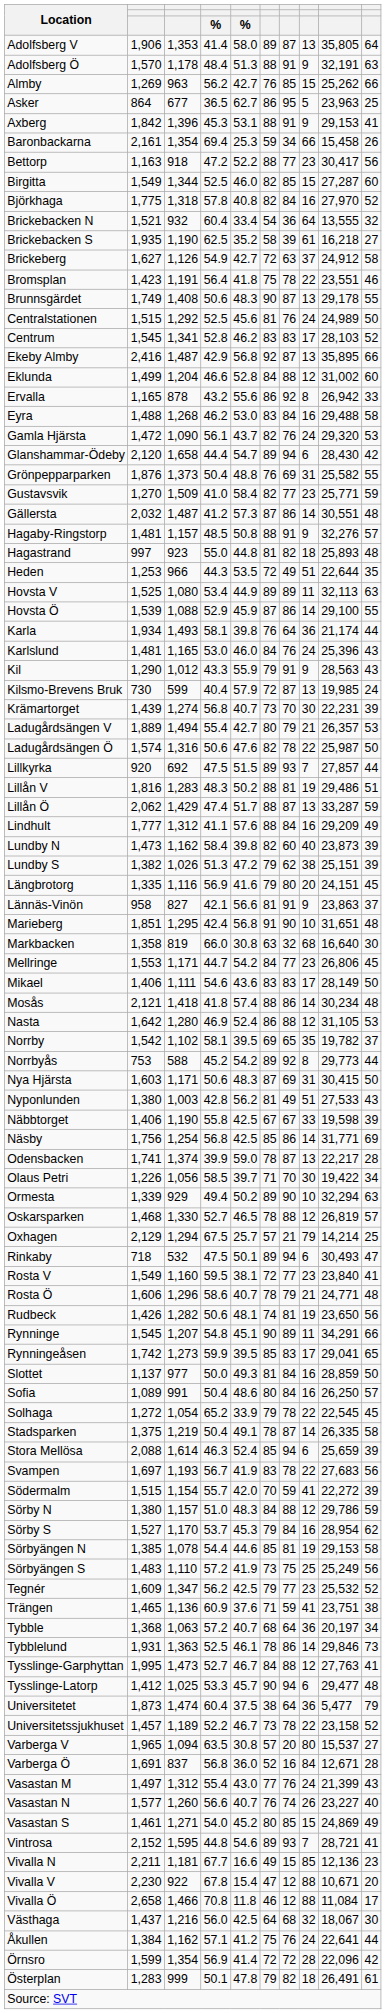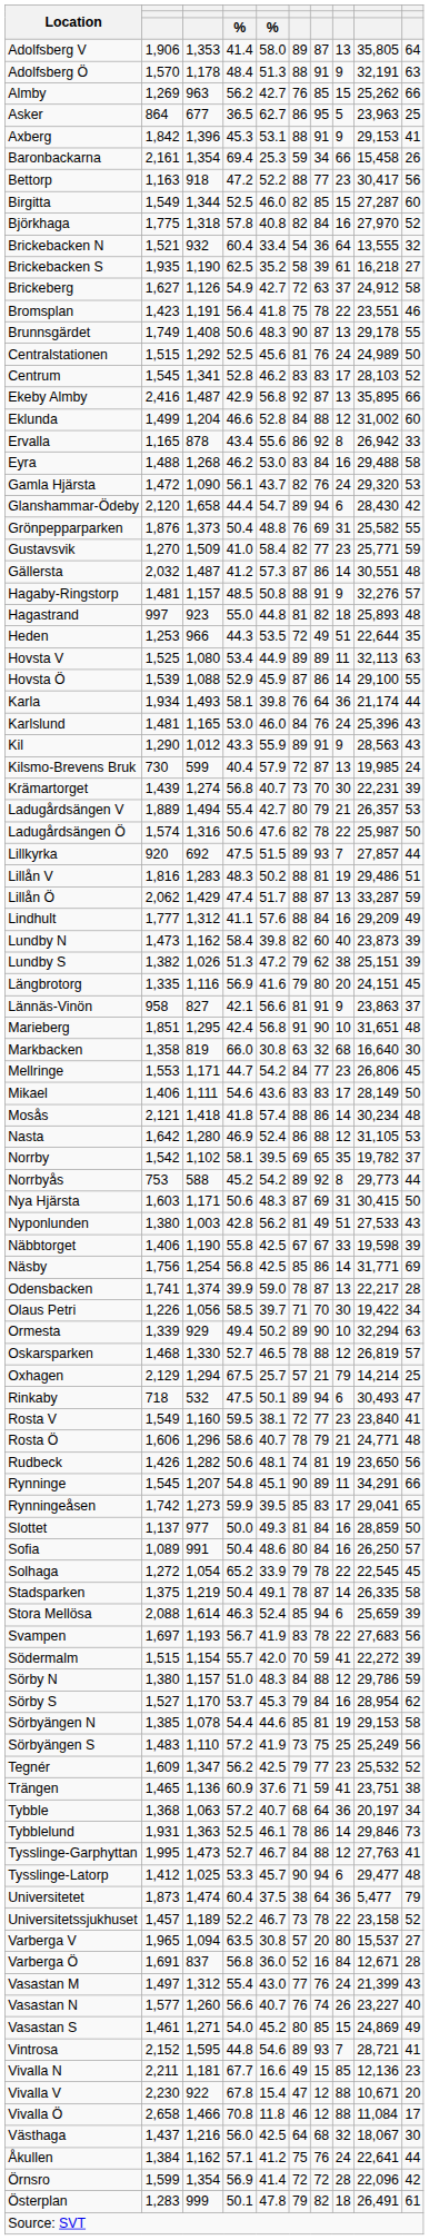 <table role="presentation" class="wikitable sortable mw-collapsible mw-collapsed">
 <tr>
 <th rowspan="3">Location</th>
 <th></th>
 <th></th>
 <th></th>
 <th></th>
 <th></th>
 <th></th>
 <th></th>
 <th></th>
 <th></th>
 </tr>
 <tr>
 <th></th>
 <th></th>
 <th style="background:"></th>
 <th style="background:"></th>
 <th></th>
 <th></th>
 <th></th>
 <th></th>
 <th></th>
 </tr>
 <tr>
 <th data-sort-type="number"></th>
 <th data-sort-type="number"></th>
 <th data-sort-type="number">%</th>
 <th data-sort-type="number">%</th>
 <th data-sort-type="number"></th>
 <th data-sort-type="number"></th>
 <th data-sort-type="number"></th>
 <th data-sort-type="number"></th>
 <th data-sort-type="number"></th>
 </tr>
 <tr>
 <td align="left">Adolfsberg V</td>
 <td>1,906</td>
 <td>1,353</td>
 <td>41.4</td>
 <td>58.0</td>
 <td>89</td>
 <td>87</td>
 <td>13</td>
 <td>35,805</td>
 <td>64</td>
 </tr>
 <tr>
 <td align="left">Adolfsberg Ö</td>
 <td>1,570</td>
 <td>1,178</td>
 <td>48.4</td>
 <td>51.3</td>
 <td>88</td>
 <td>91</td>
 <td>9</td>
 <td>32,191</td>
 <td>63</td>
 </tr>
 <tr>
 <td align="left">Almby</td>
 <td>1,269</td>
 <td>963</td>
 <td>56.2</td>
 <td>42.7</td>
 <td>76</td>
 <td>85</td>
 <td>15</td>
 <td>25,262</td>
 <td>66</td>
 </tr>
 <tr>
 <td align="left">Asker</td>
 <td>864</td>
 <td>677</td>
 <td>36.5</td>
 <td>62.7</td>
 <td>86</td>
 <td>95</td>
 <td>5</td>
 <td>23,963</td>
 <td>25</td>
 </tr>
 <tr>
 <td align="left">Axberg</td>
 <td>1,842</td>
 <td>1,396</td>
 <td>45.3</td>
 <td>53.1</td>
 <td>88</td>
 <td>91</td>
 <td>9</td>
 <td>29,153</td>
 <td>41</td>
 </tr>
 <tr>
 <td align="left">Baronbackarna</td>
 <td>2,161</td>
 <td>1,354</td>
 <td>69.4</td>
 <td>25.3</td>
 <td>59</td>
 <td>34</td>
 <td>66</td>
 <td>15,458</td>
 <td>26</td>
 </tr>
 <tr>
 <td align="left">Bettorp</td>
 <td>1,163</td>
 <td>918</td>
 <td>47.2</td>
 <td>52.2</td>
 <td>88</td>
 <td>77</td>
 <td>23</td>
 <td>30,417</td>
 <td>56</td>
 </tr>
 <tr>
 <td align="left">Birgitta</td>
 <td>1,549</td>
 <td>1,344</td>
 <td>52.5</td>
 <td>46.0</td>
 <td>82</td>
 <td>85</td>
 <td>15</td>
 <td>27,287</td>
 <td>60</td>
 </tr>
 <tr>
 <td align="left">Björkhaga</td>
 <td>1,775</td>
 <td>1,318</td>
 <td>57.8</td>
 <td>40.8</td>
 <td>82</td>
 <td>84</td>
 <td>16</td>
 <td>27,970</td>
 <td>52</td>
 </tr>
 <tr>
 <td align="left">Brickebacken N</td>
 <td>1,521</td>
 <td>932</td>
 <td>60.4</td>
 <td>33.4</td>
 <td>54</td>
 <td>36</td>
 <td>64</td>
 <td>13,555</td>
 <td>32</td>
 </tr>
 <tr>
 <td align="left">Brickebacken S</td>
 <td>1,935</td>
 <td>1,190</td>
 <td>62.5</td>
 <td>35.2</td>
 <td>58</td>
 <td>39</td>
 <td>61</td>
 <td>16,218</td>
 <td>27</td>
 </tr>
 <tr>
 <td align="left">Brickeberg</td>
 <td>1,627</td>
 <td>1,126</td>
 <td>54.9</td>
 <td>42.7</td>
 <td>72</td>
 <td>63</td>
 <td>37</td>
 <td>24,912</td>
 <td>58</td>
 </tr>
 <tr>
 <td align="left">Bromsplan</td>
 <td>1,423</td>
 <td>1,191</td>
 <td>56.4</td>
 <td>41.8</td>
 <td>75</td>
 <td>78</td>
 <td>22</td>
 <td>23,551</td>
 <td>46</td>
 </tr>
 <tr>
 <td align="left">Brunnsgärdet</td>
 <td>1,749</td>
 <td>1,408</td>
 <td>50.6</td>
 <td>48.3</td>
 <td>90</td>
 <td>87</td>
 <td>13</td>
 <td>29,178</td>
 <td>55</td>
 </tr>
 <tr>
 <td align="left">Centralstationen</td>
 <td>1,515</td>
 <td>1,292</td>
 <td>52.5</td>
 <td>45.6</td>
 <td>81</td>
 <td>76</td>
 <td>24</td>
 <td>24,989</td>
 <td>50</td>
 </tr>
 <tr>
 <td align="left">Centrum</td>
 <td>1,545</td>
 <td>1,341</td>
 <td>52.8</td>
 <td>46.2</td>
 <td>83</td>
 <td>83</td>
 <td>17</td>
 <td>28,103</td>
 <td>52</td>
 </tr>
 <tr>
 <td align="left">Ekeby Almby</td>
 <td>2,416</td>
 <td>1,487</td>
 <td>42.9</td>
 <td>56.8</td>
 <td>92</td>
 <td>87</td>
 <td>13</td>
 <td>35,895</td>
 <td>66</td>
 </tr>
 <tr>
 <td align="left">Eklunda</td>
 <td>1,499</td>
 <td>1,204</td>
 <td>46.6</td>
 <td>52.8</td>
 <td>84</td>
 <td>88</td>
 <td>12</td>
 <td>31,002</td>
 <td>60</td>
 </tr>
 <tr>
 <td align="left">Ervalla</td>
 <td>1,165</td>
 <td>878</td>
-<td>43.2</td>
+<td>43.4</td>
 <td>55.6</td>
 <td>86</td>
 <td>92</td>
 <td>8</td>
 <td>26,942</td>
 <td>33</td>
 </tr>
 <tr>
 <td align="left">Eyra</td>
 <td>1,488</td>
 <td>1,268</td>
 <td>46.2</td>
 <td>53.0</td>
 <td>83</td>
 <td>84</td>
 <td>16</td>
 <td>29,488</td>
 <td>58</td>
 </tr>
 <tr>
 <td align="left">Gamla Hjärsta</td>
 <td>1,472</td>
 <td>1,090</td>
 <td>56.1</td>
 <td>43.7</td>
 <td>82</td>
 <td>76</td>
 <td>24</td>
 <td>29,320</td>
 <td>53</td>
 </tr>
 <tr>
 <td align="left">Glanshammar-Ödeby</td>
 <td>2,120</td>
 <td>1,658</td>
 <td>44.4</td>
 <td>54.7</td>
 <td>89</td>
 <td>94</td>
 <td>6</td>
 <td>28,430</td>
 <td>42</td>
 </tr>
 <tr>
 <td align="left">Grönpepparparken</td>
 <td>1,876</td>
 <td>1,373</td>
 <td>50.4</td>
 <td>48.8</td>
 <td>76</td>
 <td>69</td>
 <td>31</td>
 <td>25,582</td>
 <td>55</td>
 </tr>
 <tr>
 <td align="left">Gustavsvik</td>
 <td>1,270</td>
 <td>1,509</td>
 <td>41.0</td>
 <td>58.4</td>
 <td>82</td>
 <td>77</td>
 <td>23</td>
 <td>25,771</td>
 <td>59</td>
 </tr>
 <tr>
 <td align="left">Gällersta</td>
 <td>2,032</td>
 <td>1,487</td>
 <td>41.2</td>
 <td>57.3</td>
 <td>87</td>
 <td>86</td>
 <td>14</td>
 <td>30,551</td>
 <td>48</td>
 </tr>
 <tr>
 <td align="left">Hagaby-Ringstorp</td>
 <td>1,481</td>
 <td>1,157</td>
 <td>48.5</td>
 <td>50.8</td>
 <td>88</td>
 <td>91</td>
 <td>9</td>
 <td>32,276</td>
 <td>57</td>
 </tr>
 <tr>
 <td align="left">Hagastrand</td>
 <td>997</td>
 <td>923</td>
 <td>55.0</td>
 <td>44.8</td>
 <td>81</td>
 <td>82</td>
 <td>18</td>
 <td>25,893</td>
 <td>48</td>
 </tr>
 <tr>
 <td align="left">Heden</td>
 <td>1,253</td>
 <td>966</td>
 <td>44.3</td>
 <td>53.5</td>
 <td>72</td>
 <td>49</td>
 <td>51</td>
 <td>22,644</td>
 <td>35</td>
 </tr>
 <tr>
 <td align="left">Hovsta V</td>
 <td>1,525</td>
 <td>1,080</td>
 <td>53.4</td>
 <td>44.9</td>
 <td>89</td>
 <td>89</td>
 <td>11</td>
 <td>32,113</td>
 <td>63</td>
 </tr>
 <tr>
 <td align="left">Hovsta Ö</td>
 <td>1,539</td>
 <td>1,088</td>
 <td>52.9</td>
 <td>45.9</td>
 <td>87</td>
 <td>86</td>
 <td>14</td>
 <td>29,100</td>
 <td>55</td>
 </tr>
 <tr>
 <td align="left">Karla</td>
 <td>1,934</td>
 <td>1,493</td>
 <td>58.1</td>
 <td>39.8</td>
 <td>76</td>
 <td>64</td>
 <td>36</td>
 <td>21,174</td>
 <td>44</td>
 </tr>
 <tr>
 <td align="left">Karlslund</td>
 <td>1,481</td>
 <td>1,165</td>
 <td>53.0</td>
 <td>46.0</td>
 <td>84</td>
 <td>76</td>
 <td>24</td>
 <td>25,396</td>
 <td>43</td>
 </tr>
 <tr>
 <td align="left">Kil</td>
 <td>1,290</td>
 <td>1,012</td>
 <td>43.3</td>
 <td>55.9</td>
-<td>79</td>
+<td>89</td>
 <td>91</td>
 <td>9</td>
 <td>28,563</td>
 <td>43</td>
 </tr>
 <tr>
 <td align="left">Kilsmo-Brevens Bruk</td>
 <td>730</td>
 <td>599</td>
 <td>40.4</td>
 <td>57.9</td>
 <td>72</td>
 <td>87</td>
 <td>13</td>
 <td>19,985</td>
 <td>24</td>
 </tr>
 <tr>
 <td align="left">Krämartorget</td>
 <td>1,439</td>
 <td>1,274</td>
 <td>56.8</td>
 <td>40.7</td>
 <td>73</td>
 <td>70</td>
 <td>30</td>
 <td>22,231</td>
 <td>39</td>
 </tr>
 <tr>
 <td align="left">Ladugårdsängen V</td>
 <td>1,889</td>
 <td>1,494</td>
 <td>55.4</td>
 <td>42.7</td>
 <td>80</td>
 <td>79</td>
 <td>21</td>
 <td>26,357</td>
 <td>53</td>
 </tr>
 <tr>
 <td align="left">Ladugårdsängen Ö</td>
 <td>1,574</td>
 <td>1,316</td>
 <td>50.6</td>
 <td>47.6</td>
 <td>82</td>
 <td>78</td>
 <td>22</td>
 <td>25,987</td>
 <td>50</td>
 </tr>
 <tr>
 <td align="left">Lillkyrka</td>
 <td>920</td>
 <td>692</td>
 <td>47.5</td>
 <td>51.5</td>
 <td>89</td>
 <td>93</td>
 <td>7</td>
 <td>27,857</td>
 <td>44</td>
 </tr>
 <tr>
 <td align="left">Lillån V</td>
 <td>1,816</td>
 <td>1,283</td>
 <td>48.3</td>
 <td>50.2</td>
 <td>88</td>
 <td>81</td>
 <td>19</td>
 <td>29,486</td>
 <td>51</td>
 </tr>
 <tr>
 <td align="left">Lillån Ö</td>
 <td>2,062</td>
 <td>1,429</td>
 <td>47.4</td>
 <td>51.7</td>
 <td>88</td>
 <td>87</td>
 <td>13</td>
 <td>33,287</td>
 <td>59</td>
 </tr>
 <tr>
 <td align="left">Lindhult</td>
 <td>1,777</td>
 <td>1,312</td>
 <td>41.1</td>
 <td>57.6</td>
 <td>88</td>
 <td>84</td>
 <td>16</td>
 <td>29,209</td>
 <td>49</td>
 </tr>
 <tr>
 <td align="left">Lundby N</td>
 <td>1,473</td>
 <td>1,162</td>
 <td>58.4</td>
 <td>39.8</td>
 <td>82</td>
 <td>60</td>
 <td>40</td>
 <td>23,873</td>
 <td>39</td>
 </tr>
 <tr>
 <td align="left">Lundby S</td>
 <td>1,382</td>
 <td>1,026</td>
 <td>51.3</td>
 <td>47.2</td>
 <td>79</td>
 <td>62</td>
 <td>38</td>
 <td>25,151</td>
 <td>39</td>
 </tr>
 <tr>
 <td align="left">Längbrotorg</td>
 <td>1,335</td>
 <td>1,116</td>
 <td>56.9</td>
 <td>41.6</td>
 <td>79</td>
 <td>80</td>
 <td>20</td>
 <td>24,151</td>
 <td>45</td>
 </tr>
 <tr>
 <td align="left">Lännäs-Vinön</td>
 <td>958</td>
 <td>827</td>
 <td>42.1</td>
 <td>56.6</td>
 <td>81</td>
 <td>91</td>
 <td>9</td>
 <td>23,863</td>
 <td>37</td>
 </tr>
 <tr>
 <td align="left">Marieberg</td>
 <td>1,851</td>
 <td>1,295</td>
 <td>42.4</td>
 <td>56.8</td>
 <td>91</td>
 <td>90</td>
 <td>10</td>
 <td>31,651</td>
 <td>48</td>
 </tr>
 <tr>
 <td align="left">Markbacken</td>
 <td>1,358</td>
 <td>819</td>
 <td>66.0</td>
 <td>30.8</td>
 <td>63</td>
 <td>32</td>
 <td>68</td>
 <td>16,640</td>
 <td>30</td>
 </tr>
 <tr>
 <td align="left">Mellringe</td>
 <td>1,553</td>
 <td>1,171</td>
 <td>44.7</td>
 <td>54.2</td>
 <td>84</td>
 <td>77</td>
 <td>23</td>
 <td>26,806</td>
 <td>45</td>
 </tr>
 <tr>
 <td align="left">Mikael</td>
 <td>1,406</td>
 <td>1,111</td>
 <td>54.6</td>
 <td>43.6</td>
 <td>83</td>
 <td>83</td>
 <td>17</td>
 <td>28,149</td>
 <td>50</td>
 </tr>
 <tr>
 <td align="left">Mosås</td>
 <td>2,121</td>
 <td>1,418</td>
 <td>41.8</td>
 <td>57.4</td>
 <td>88</td>
 <td>86</td>
 <td>14</td>
 <td>30,234</td>
 <td>48</td>
 </tr>
 <tr>
 <td align="left">Nasta</td>
 <td>1,642</td>
 <td>1,280</td>
 <td>46.9</td>
 <td>52.4</td>
 <td>86</td>
 <td>88</td>
 <td>12</td>
 <td>31,105</td>
 <td>53</td>
 </tr>
 <tr>
 <td align="left">Norrby</td>
 <td>1,542</td>
 <td>1,102</td>
 <td>58.1</td>
 <td>39.5</td>
 <td>69</td>
 <td>65</td>
 <td>35</td>
 <td>19,782</td>
 <td>37</td>
 </tr>
 <tr>
 <td align="left">Norrbyås</td>
 <td>753</td>
 <td>588</td>
 <td>45.2</td>
 <td>54.2</td>
 <td>89</td>
 <td>92</td>
 <td>8</td>
 <td>29,773</td>
 <td>44</td>
 </tr>
 <tr>
 <td align="left">Nya Hjärsta</td>
 <td>1,603</td>
 <td>1,171</td>
 <td>50.6</td>
 <td>48.3</td>
 <td>87</td>
 <td>69</td>
 <td>31</td>
 <td>30,415</td>
 <td>50</td>
 </tr>
 <tr>
 <td align="left">Nyponlunden</td>
 <td>1,380</td>
 <td>1,003</td>
 <td>42.8</td>
 <td>56.2</td>
 <td>81</td>
 <td>49</td>
 <td>51</td>
 <td>27,533</td>
 <td>43</td>
 </tr>
 <tr>
 <td align="left">Näbbtorget</td>
 <td>1,406</td>
 <td>1,190</td>
 <td>55.8</td>
 <td>42.5</td>
 <td>67</td>
 <td>67</td>
 <td>33</td>
 <td>19,598</td>
 <td>39</td>
 </tr>
 <tr>
 <td align="left">Näsby</td>
 <td>1,756</td>
 <td>1,254</td>
 <td>56.8</td>
 <td>42.5</td>
 <td>85</td>
 <td>86</td>
 <td>14</td>
 <td>31,771</td>
 <td>69</td>
 </tr>
 <tr>
 <td align="left">Odensbacken</td>
 <td>1,741</td>
 <td>1,374</td>
 <td>39.9</td>
 <td>59.0</td>
 <td>78</td>
 <td>87</td>
 <td>13</td>
 <td>22,217</td>
 <td>28</td>
 </tr>
 <tr>
 <td align="left">Olaus Petri</td>
 <td>1,226</td>
 <td>1,056</td>
 <td>58.5</td>
 <td>39.7</td>
 <td>71</td>
 <td>70</td>
 <td>30</td>
 <td>19,422</td>
 <td>34</td>
 </tr>
 <tr>
 <td align="left">Ormesta</td>
 <td>1,339</td>
 <td>929</td>
 <td>49.4</td>
 <td>50.2</td>
 <td>89</td>
 <td>90</td>
 <td>10</td>
 <td>32,294</td>
 <td>63</td>
 </tr>
 <tr>
 <td align="left">Oskarsparken</td>
 <td>1,468</td>
 <td>1,330</td>
 <td>52.7</td>
 <td>46.5</td>
 <td>78</td>
 <td>88</td>
 <td>12</td>
 <td>26,819</td>
 <td>57</td>
 </tr>
 <tr>
 <td align="left">Oxhagen</td>
 <td>2,129</td>
 <td>1,294</td>
 <td>67.5</td>
 <td>25.7</td>
 <td>57</td>
 <td>21</td>
 <td>79</td>
 <td>14,214</td>
 <td>25</td>
 </tr>
 <tr>
 <td align="left">Rinkaby</td>
 <td>718</td>
 <td>532</td>
 <td>47.5</td>
 <td>50.1</td>
 <td>89</td>
 <td>94</td>
 <td>6</td>
 <td>30,493</td>
 <td>47</td>
 </tr>
 <tr>
 <td align="left">Rosta V</td>
 <td>1,549</td>
 <td>1,160</td>
 <td>59.5</td>
 <td>38.1</td>
 <td>72</td>
 <td>77</td>
 <td>23</td>
 <td>23,840</td>
 <td>41</td>
 </tr>
 <tr>
 <td align="left">Rosta Ö</td>
 <td>1,606</td>
 <td>1,296</td>
 <td>58.6</td>
 <td>40.7</td>
 <td>78</td>
 <td>79</td>
 <td>21</td>
 <td>24,771</td>
 <td>48</td>
 </tr>
 <tr>
 <td align="left">Rudbeck</td>
 <td>1,426</td>
 <td>1,282</td>
 <td>50.6</td>
 <td>48.1</td>
 <td>74</td>
 <td>81</td>
 <td>19</td>
 <td>23,650</td>
 <td>56</td>
 </tr>
 <tr>
 <td align="left">Rynninge</td>
 <td>1,545</td>
 <td>1,207</td>
 <td>54.8</td>
 <td>45.1</td>
 <td>90</td>
 <td>89</td>
 <td>11</td>
 <td>34,291</td>
 <td>66</td>
 </tr>
 <tr>
 <td align="left">Rynningeåsen</td>
 <td>1,742</td>
 <td>1,273</td>
 <td>59.9</td>
 <td>39.5</td>
 <td>85</td>
 <td>83</td>
 <td>17</td>
 <td>29,041</td>
 <td>65</td>
 </tr>
 <tr>
 <td align="left">Slottet</td>
 <td>1,137</td>
 <td>977</td>
 <td>50.0</td>
 <td>49.3</td>
 <td>81</td>
 <td>84</td>
 <td>16</td>
 <td>28,859</td>
 <td>50</td>
 </tr>
 <tr>
 <td align="left">Sofia</td>
 <td>1,089</td>
 <td>991</td>
 <td>50.4</td>
 <td>48.6</td>
 <td>80</td>
 <td>84</td>
 <td>16</td>
 <td>26,250</td>
 <td>57</td>
 </tr>
 <tr>
 <td align="left">Solhaga</td>
 <td>1,272</td>
 <td>1,054</td>
 <td>65.2</td>
 <td>33.9</td>
 <td>79</td>
 <td>78</td>
 <td>22</td>
 <td>22,545</td>
 <td>45</td>
 </tr>
 <tr>
 <td align="left">Stadsparken</td>
 <td>1,375</td>
 <td>1,219</td>
 <td>50.4</td>
 <td>49.1</td>
 <td>78</td>
 <td>87</td>
 <td>14</td>
 <td>26,335</td>
 <td>58</td>
 </tr>
 <tr>
 <td align="left">Stora Mellösa</td>
 <td>2,088</td>
 <td>1,614</td>
 <td>46.3</td>
 <td>52.4</td>
 <td>85</td>
 <td>94</td>
 <td>6</td>
 <td>25,659</td>
 <td>39</td>
 </tr>
 <tr>
 <td align="left">Svampen</td>
 <td>1,697</td>
 <td>1,193</td>
 <td>56.7</td>
 <td>41.9</td>
 <td>83</td>
 <td>78</td>
 <td>22</td>
 <td>27,683</td>
 <td>56</td>
 </tr>
 <tr>
 <td align="left">Södermalm</td>
 <td>1,515</td>
 <td>1,154</td>
 <td>55.7</td>
 <td>42.0</td>
 <td>70</td>
 <td>59</td>
 <td>41</td>
 <td>22,272</td>
 <td>39</td>
 </tr>
 <tr>
 <td align="left">Sörby N</td>
 <td>1,380</td>
 <td>1,157</td>
 <td>51.0</td>
 <td>48.3</td>
 <td>84</td>
 <td>88</td>
 <td>12</td>
 <td>29,786</td>
 <td>59</td>
 </tr>
 <tr>
 <td align="left">Sörby S</td>
 <td>1,527</td>
 <td>1,170</td>
 <td>53.7</td>
 <td>45.3</td>
 <td>79</td>
 <td>84</td>
 <td>16</td>
 <td>28,954</td>
 <td>62</td>
 </tr>
 <tr>
 <td align="left">Sörbyängen N</td>
 <td>1,385</td>
 <td>1,078</td>
 <td>54.4</td>
 <td>44.6</td>
 <td>85</td>
 <td>81</td>
 <td>19</td>
 <td>29,153</td>
 <td>58</td>
 </tr>
 <tr>
 <td align="left">Sörbyängen S</td>
 <td>1,483</td>
 <td>1,110</td>
 <td>57.2</td>
 <td>41.9</td>
 <td>73</td>
 <td>75</td>
 <td>25</td>
 <td>25,249</td>
 <td>56</td>
 </tr>
 <tr>
 <td align="left">Tegnér</td>
 <td>1,609</td>
 <td>1,347</td>
 <td>56.2</td>
 <td>42.5</td>
 <td>79</td>
 <td>77</td>
 <td>23</td>
 <td>25,532</td>
 <td>52</td>
 </tr>
 <tr>
 <td align="left">Trängen</td>
 <td>1,465</td>
 <td>1,136</td>
 <td>60.9</td>
 <td>37.6</td>
 <td>71</td>
 <td>59</td>
 <td>41</td>
 <td>23,751</td>
 <td>38</td>
 </tr>
 <tr>
 <td align="left">Tybble</td>
 <td>1,368</td>
 <td>1,063</td>
 <td>57.2</td>
 <td>40.7</td>
 <td>68</td>
 <td>64</td>
 <td>36</td>
 <td>20,197</td>
 <td>34</td>
 </tr>
 <tr>
 <td align="left">Tybblelund</td>
 <td>1,931</td>
 <td>1,363</td>
 <td>52.5</td>
 <td>46.1</td>
 <td>78</td>
 <td>86</td>
 <td>14</td>
 <td>29,846</td>
 <td>73</td>
 </tr>
 <tr>
 <td align="left">Tysslinge-Garphyttan</td>
 <td>1,995</td>
 <td>1,473</td>
 <td>52.7</td>
 <td>46.7</td>
 <td>84</td>
 <td>88</td>
 <td>12</td>
 <td>27,763</td>
 <td>41</td>
 </tr>
 <tr>
 <td align="left">Tysslinge-Latorp</td>
 <td>1,412</td>
 <td>1,025</td>
 <td>53.3</td>
 <td>45.7</td>
 <td>90</td>
 <td>94</td>
 <td>6</td>
 <td>29,477</td>
 <td>48</td>
 </tr>
 <tr>
 <td align="left">Universitetet</td>
 <td>1,873</td>
 <td>1,474</td>
 <td>60.4</td>
 <td>37.5</td>
 <td>38</td>
 <td>64</td>
 <td>36</td>
 <td>5,477</td>
 <td>79</td>
 </tr>
 <tr>
 <td align="left">Universitetssjukhuset</td>
 <td>1,457</td>
 <td>1,189</td>
 <td>52.2</td>
 <td>46.7</td>
 <td>73</td>
 <td>78</td>
 <td>22</td>
 <td>23,158</td>
 <td>52</td>
 </tr>
 <tr>
 <td align="left">Varberga V</td>
 <td>1,965</td>
 <td>1,094</td>
 <td>63.5</td>
 <td>30.8</td>
 <td>57</td>
 <td>20</td>
 <td>80</td>
 <td>15,537</td>
 <td>27</td>
 </tr>
 <tr>
 <td align="left">Varberga Ö</td>
 <td>1,691</td>
 <td>837</td>
 <td>56.8</td>
 <td>36.0</td>
 <td>52</td>
 <td>16</td>
 <td>84</td>
 <td>12,671</td>
 <td>28</td>
 </tr>
 <tr>
 <td align="left">Vasastan M</td>
 <td>1,497</td>
 <td>1,312</td>
 <td>55.4</td>
 <td>43.0</td>
 <td>77</td>
 <td>76</td>
 <td>24</td>
 <td>21,399</td>
 <td>43</td>
 </tr>
 <tr>
 <td align="left">Vasastan N</td>
 <td>1,577</td>
 <td>1,260</td>
 <td>56.6</td>
 <td>40.7</td>
 <td>76</td>
 <td>74</td>
 <td>26</td>
 <td>23,227</td>
 <td>40</td>
 </tr>
 <tr>
 <td align="left">Vasastan S</td>
 <td>1,461</td>
 <td>1,271</td>
 <td>54.0</td>
 <td>45.2</td>
 <td>80</td>
 <td>85</td>
 <td>15</td>
 <td>24,869</td>
 <td>49</td>
 </tr>
 <tr>
 <td align="left">Vintrosa</td>
 <td>2,152</td>
 <td>1,595</td>
 <td>44.8</td>
 <td>54.6</td>
 <td>89</td>
 <td>93</td>
 <td>7</td>
 <td>28,721</td>
 <td>41</td>
 </tr>
 <tr>
 <td align="left">Vivalla N</td>
 <td>2,211</td>
 <td>1,181</td>
 <td>67.7</td>
 <td>16.6</td>
 <td>49</td>
 <td>15</td>
 <td>85</td>
 <td>12,136</td>
 <td>23</td>
 </tr>
 <tr>
 <td align="left">Vivalla V</td>
 <td>2,230</td>
 <td>922</td>
 <td>67.8</td>
 <td>15.4</td>
 <td>47</td>
 <td>12</td>
 <td>88</td>
 <td>10,671</td>
 <td>20</td>
 </tr>
 <tr>
 <td align="left">Vivalla Ö</td>
 <td>2,658</td>
 <td>1,466</td>
 <td>70.8</td>
 <td>11.8</td>
 <td>46</td>
 <td>12</td>
 <td>88</td>
 <td>11,084</td>
 <td>17</td>
 </tr>
 <tr>
 <td align="left">Västhaga</td>
 <td>1,437</td>
 <td>1,216</td>
 <td>56.0</td>
 <td>42.5</td>
 <td>64</td>
 <td>68</td>
 <td>32</td>
 <td>18,067</td>
 <td>30</td>
 </tr>
 <tr>
 <td align="left">Åkullen</td>
 <td>1,384</td>
 <td>1,162</td>
 <td>57.1</td>
 <td>41.2</td>
 <td>75</td>
 <td>76</td>
 <td>24</td>
 <td>22,641</td>
 <td>44</td>
 </tr>
 <tr>
 <td align="left">Örnsro</td>
 <td>1,599</td>
 <td>1,354</td>
 <td>56.9</td>
 <td>41.4</td>
 <td>72</td>
 <td>72</td>
 <td>28</td>
 <td>22,096</td>
 <td>42</td>
 </tr>
 <tr>
 <td align="left">Österplan</td>
 <td>1,283</td>
 <td>999</td>
 <td>50.1</td>
 <td>47.8</td>
 <td>79</td>
 <td>82</td>
 <td>18</td>
 <td>26,491</td>
 <td>61</td>
 </tr>
 <tr>
 <td colspan="10" align="left">Source: <a href='#'>SVT</a></td>
 </tr>
 </table>
